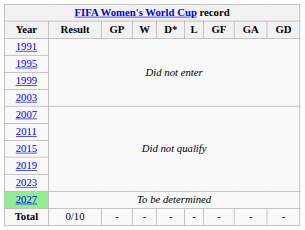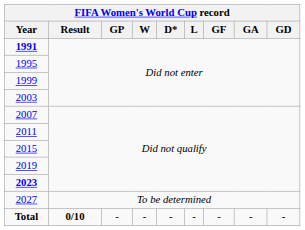 <table class="wikitable" style="text-align: center; width:50%;">
 <tr>
 <th colspan=10><a href='#'>FIFA Women's World Cup</a> record</th>
 </tr>
 <tr>
 <th>Year</th>
 <th>Result</th>
 <th>GP</th>
 <th>W</th>
 <th>D*</th>
 <th>L</th>
 <th>GF</th>
 <th>GA</th>
 <th>GD</th>
 </tr>
 <tr>
-<td> <a href='#'>1991</a></td>
+<td><strong> <a href='#'>1991</a></strong></td>
 <td colspan=8 rowspan=4><em>Did not enter</em></td>
 </tr>
 <tr>
 <td> <a href='#'>1995</a></td>
 </tr>
 <tr>
 <td> <a href='#'>1999</a></td>
 </tr>
 <tr>
 <td> <a href='#'>2003</a></td>
 </tr>
 <tr>
 <td> <a href='#'>2007</a></td>
 <td colspan=8 rowspan=5><em>Did not qualify</em></td>
 </tr>
 <tr>
 <td> <a href='#'>2011</a></td>
 </tr>
 <tr>
 <td> <a href='#'>2015</a></td>
 </tr>
 <tr>
 <td> <a href='#'>2019</a></td>
 </tr>
 <tr>
-<td> <a href='#'>2023</a></td>
+<td><strong> <a href='#'>2023</a></strong></td>
 </tr>
 <tr>
-<td style="background: lightgreen;"> <a href='#'>2027</a></td>
+<td> <a href='#'>2027</a></td>
 <td colspan=8><em>To be determined</em></td>
 </tr>
 <tr>
 <td><strong>Total</strong></td>
-<td>0/10</td>
+<td><strong>0/10</strong></td>
 <td>-</td>
 <td>-</td>
 <td>-</td>
 <td>-</td>
 <td>-</td>
 <td>-</td>
 <td>-</td>
 </tr>
 </table>
